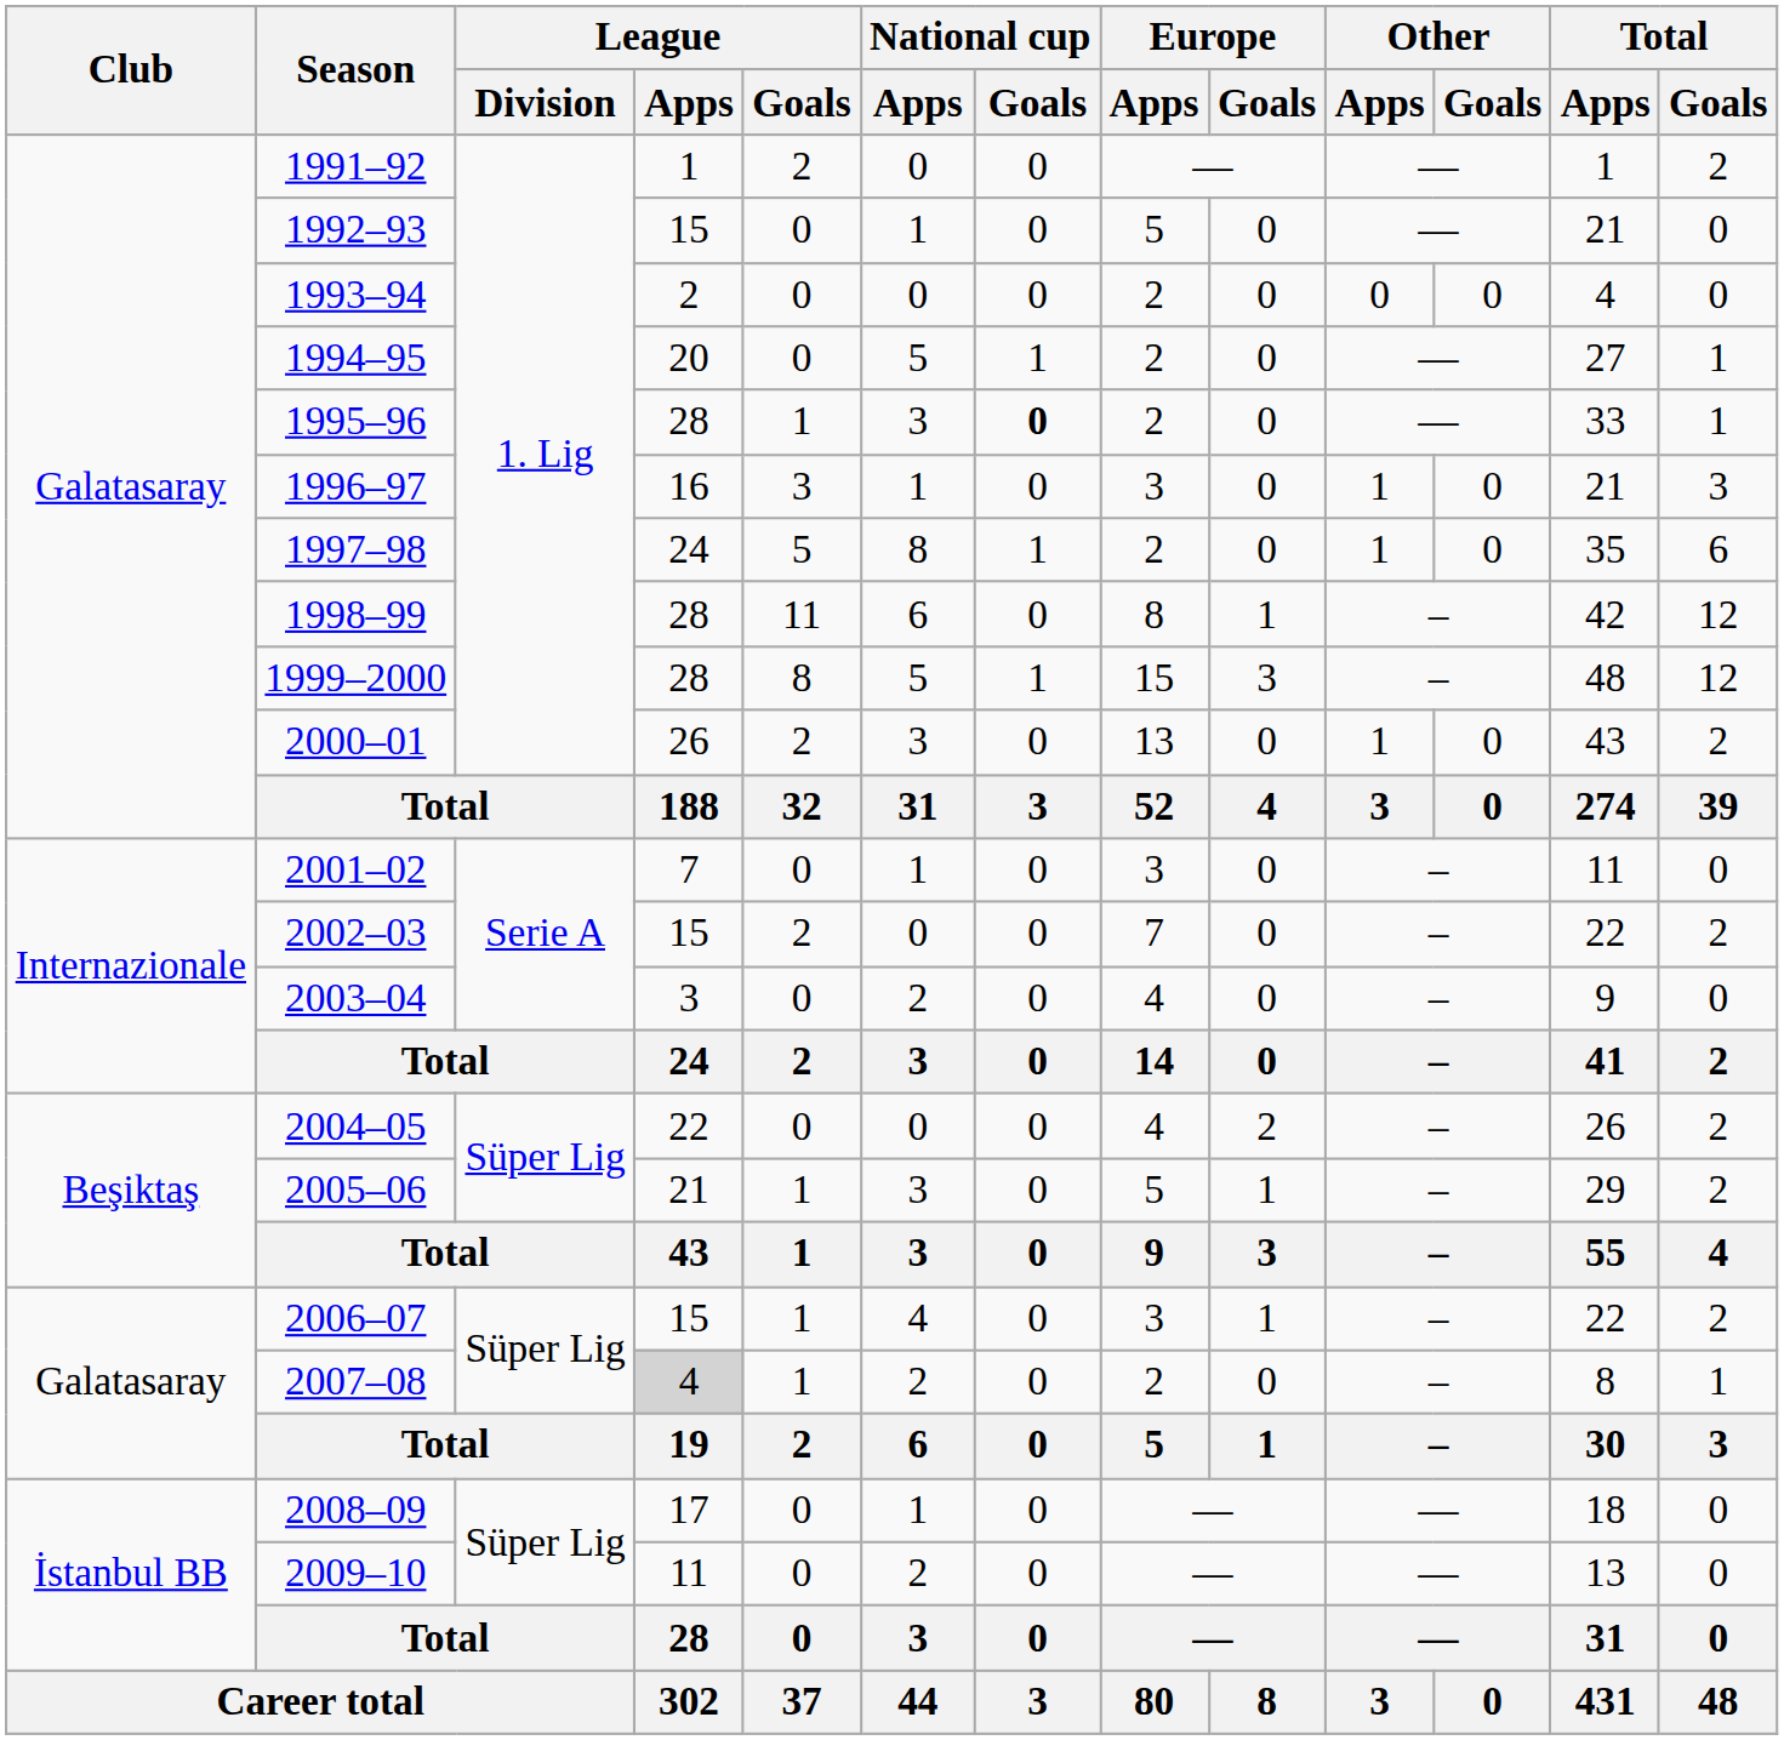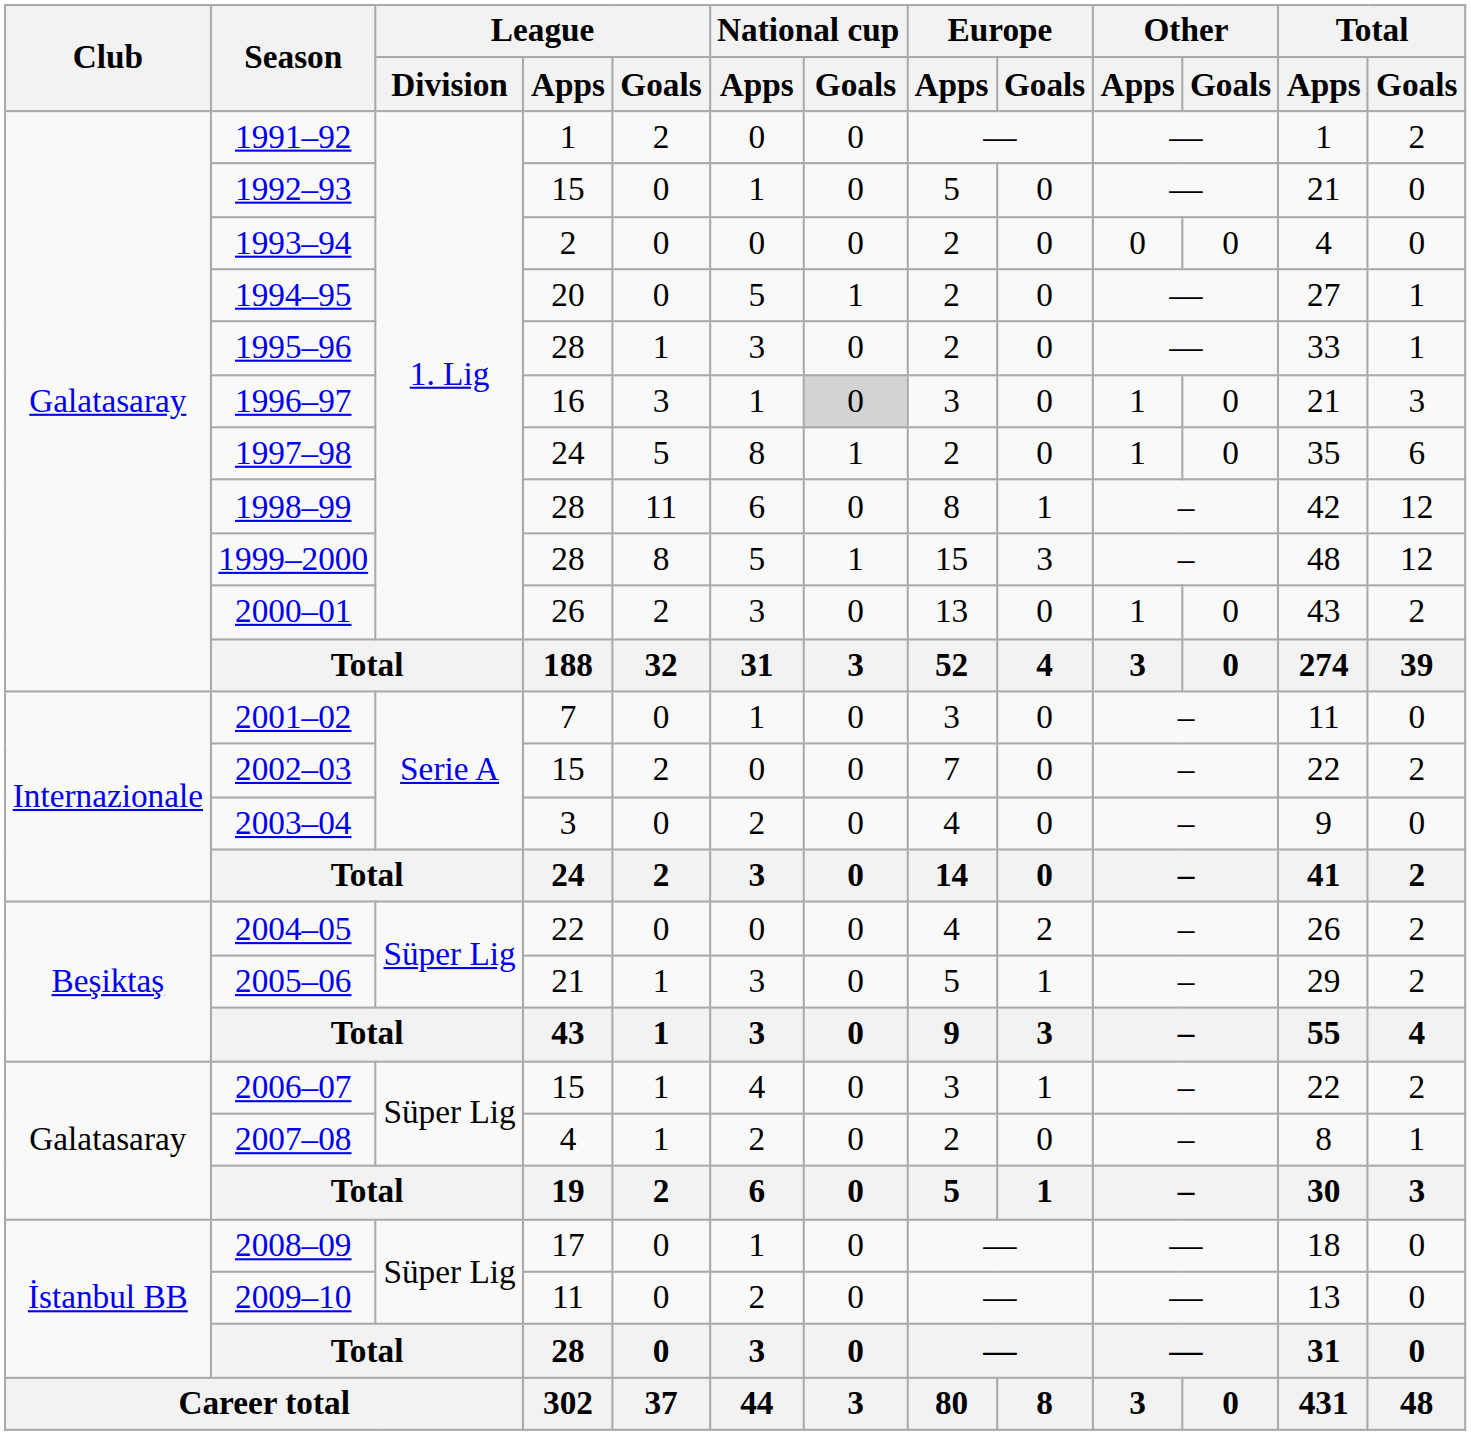 <table class="wikitable" style="text-align:center">
 <tr>
 <th rowspan="2">Club</th>
 <th rowspan="2">Season</th>
 <th colspan="3">League</th>
 <th colspan="2">National cup</th>
 <th colspan="2">Europe</th>
 <th colspan="2">Other</th>
 <th colspan="2">Total</th>
 </tr>
 <tr>
 <th>Division</th>
 <th>Apps</th>
 <th>Goals</th>
 <th>Apps</th>
 <th>Goals</th>
 <th>Apps</th>
 <th>Goals</th>
 <th>Apps</th>
 <th>Goals</th>
 <th>Apps</th>
 <th>Goals</th>
 </tr>
 <tr>
 <td rowspan="11"><a href='#'>Galatasaray</a></td>
 <td><a href='#'>1991–92</a></td>
 <td rowspan="10"><a href='#'>1. Lig</a></td>
 <td>1</td>
 <td>2</td>
 <td>0</td>
 <td>0</td>
 <td colspan="2">—</td>
 <td colspan="2">—</td>
 <td>1</td>
 <td>2</td>
 </tr>
 <tr>
 <td><a href='#'>1992–93</a></td>
 <td>15</td>
 <td>0</td>
 <td>1</td>
 <td>0</td>
 <td>5</td>
 <td>0</td>
 <td colspan="2">—</td>
 <td>21</td>
 <td>0</td>
 </tr>
 <tr>
 <td><a href='#'>1993–94</a></td>
 <td>2</td>
 <td>0</td>
 <td>0</td>
 <td>0</td>
 <td>2</td>
 <td>0</td>
 <td>0</td>
 <td>0</td>
 <td>4</td>
 <td>0</td>
 </tr>
 <tr>
 <td><a href='#'>1994–95</a></td>
 <td>20</td>
 <td>0</td>
 <td>5</td>
 <td>1</td>
 <td>2</td>
 <td>0</td>
 <td colspan="2">—</td>
 <td>27</td>
 <td>1</td>
 </tr>
 <tr>
 <td><a href='#'>1995–96</a></td>
 <td>28</td>
 <td>1</td>
 <td>3</td>
-<td><strong>0</strong></td>
+<td>0</td>
 <td>2</td>
 <td>0</td>
 <td colspan="2">—</td>
 <td>33</td>
 <td>1</td>
 </tr>
 <tr>
 <td><a href='#'>1996–97</a></td>
 <td>16</td>
 <td>3</td>
 <td>1</td>
-<td>0</td>
+<td style="background: lightgrey;">0</td>
 <td>3</td>
 <td>0</td>
 <td>1</td>
 <td>0</td>
 <td>21</td>
 <td>3</td>
 </tr>
 <tr>
 <td><a href='#'>1997–98</a></td>
 <td>24</td>
 <td>5</td>
 <td>8</td>
 <td>1</td>
 <td>2</td>
 <td>0</td>
 <td>1</td>
 <td>0</td>
 <td>35</td>
 <td>6</td>
 </tr>
 <tr>
 <td><a href='#'>1998–99</a></td>
 <td>28</td>
 <td>11</td>
 <td>6</td>
 <td>0</td>
 <td>8</td>
 <td>1</td>
 <td colspan="2">–</td>
 <td>42</td>
 <td>12</td>
 </tr>
 <tr>
 <td><a href='#'>1999–2000</a></td>
 <td>28</td>
 <td>8</td>
 <td>5</td>
 <td>1</td>
 <td>15</td>
 <td>3</td>
 <td colspan="2">–</td>
 <td>48</td>
 <td>12</td>
 </tr>
 <tr>
 <td><a href='#'>2000–01</a></td>
 <td>26</td>
 <td>2</td>
 <td>3</td>
 <td>0</td>
 <td>13</td>
 <td>0</td>
 <td>1</td>
 <td>0</td>
 <td>43</td>
 <td>2</td>
 </tr>
 <tr>
 <th colspan="2">Total</th>
 <th>188</th>
 <th>32</th>
 <th>31</th>
 <th>3</th>
 <th>52</th>
 <th>4</th>
 <th>3</th>
 <th>0</th>
 <th>274</th>
 <th>39</th>
 </tr>
 <tr>
 <td rowspan="4"><a href='#'>Internazionale</a></td>
 <td><a href='#'>2001–02</a></td>
 <td rowspan="3"><a href='#'>Serie A</a></td>
 <td>7</td>
 <td>0</td>
 <td>1</td>
 <td>0</td>
 <td>3</td>
 <td>0</td>
 <td colspan="2">–</td>
 <td>11</td>
 <td>0</td>
 </tr>
 <tr>
 <td><a href='#'>2002–03</a></td>
 <td>15</td>
 <td>2</td>
 <td>0</td>
 <td>0</td>
 <td>7</td>
 <td>0</td>
 <td colspan="2">–</td>
 <td>22</td>
 <td>2</td>
 </tr>
 <tr>
 <td><a href='#'>2003–04</a></td>
 <td>3</td>
 <td>0</td>
 <td>2</td>
 <td>0</td>
 <td>4</td>
 <td>0</td>
 <td colspan="2">–</td>
 <td>9</td>
 <td>0</td>
 </tr>
 <tr>
 <th colspan="2">Total</th>
 <th>24</th>
 <th>2</th>
 <th>3</th>
 <th>0</th>
 <th>14</th>
 <th>0</th>
 <th colspan="2">–</th>
 <th>41</th>
 <th>2</th>
 </tr>
 <tr>
 <td rowspan="3"><a href='#'>Beşiktaş</a></td>
 <td><a href='#'>2004–05</a></td>
 <td rowspan="2"><a href='#'>Süper Lig</a></td>
 <td>22</td>
 <td>0</td>
 <td>0</td>
 <td>0</td>
 <td>4</td>
 <td>2</td>
 <td colspan="2">–</td>
 <td>26</td>
 <td>2</td>
 </tr>
 <tr>
 <td><a href='#'>2005–06</a></td>
 <td>21</td>
 <td>1</td>
 <td>3</td>
 <td>0</td>
 <td>5</td>
 <td>1</td>
 <td colspan="2">–</td>
 <td>29</td>
 <td>2</td>
 </tr>
 <tr>
 <th colspan="2">Total</th>
 <th>43</th>
 <th>1</th>
 <th>3</th>
 <th>0</th>
 <th>9</th>
 <th>3</th>
 <th colspan="2">–</th>
 <th>55</th>
 <th>4</th>
 </tr>
 <tr>
 <td rowspan="3">Galatasaray</td>
 <td><a href='#'>2006–07</a></td>
 <td rowspan="2">Süper Lig</td>
 <td>15</td>
 <td>1</td>
 <td>4</td>
 <td>0</td>
 <td>3</td>
 <td>1</td>
 <td colspan="2">–</td>
 <td>22</td>
 <td>2</td>
 </tr>
 <tr>
 <td><a href='#'>2007–08</a></td>
-<td style="background: lightgrey;">4</td>
+<td>4</td>
 <td>1</td>
 <td>2</td>
 <td>0</td>
 <td>2</td>
 <td>0</td>
 <td colspan="2">–</td>
 <td>8</td>
 <td>1</td>
 </tr>
 <tr>
 <th colspan="2">Total</th>
 <th>19</th>
 <th>2</th>
 <th>6</th>
 <th>0</th>
 <th>5</th>
 <th>1</th>
 <th colspan="2">–</th>
 <th>30</th>
 <th>3</th>
 </tr>
 <tr>
 <td rowspan="3"><a href='#'>İstanbul BB</a></td>
 <td><a href='#'>2008–09</a></td>
 <td rowspan="2">Süper Lig</td>
 <td>17</td>
 <td>0</td>
 <td>1</td>
 <td>0</td>
 <td colspan="2">—</td>
 <td colspan="2">—</td>
 <td>18</td>
 <td>0</td>
 </tr>
 <tr>
 <td><a href='#'>2009–10</a></td>
 <td>11</td>
 <td>0</td>
 <td>2</td>
 <td>0</td>
 <td colspan="2">—</td>
 <td colspan="2">—</td>
 <td>13</td>
 <td>0</td>
 </tr>
 <tr>
 <th colspan="2">Total</th>
 <th>28</th>
 <th>0</th>
 <th>3</th>
 <th>0</th>
 <th colspan="2">—</th>
 <th colspan="2">—</th>
 <th>31</th>
 <th>0</th>
 </tr>
 <tr>
 <th colspan="3">Career total</th>
 <th>302</th>
 <th>37</th>
 <th>44</th>
 <th>3</th>
 <th>80</th>
 <th>8</th>
 <th>3</th>
 <th>0</th>
 <th>431</th>
 <th>48</th>
 </tr>
 </table>
